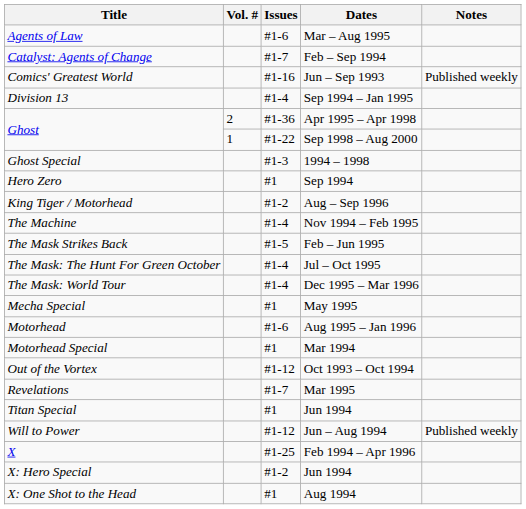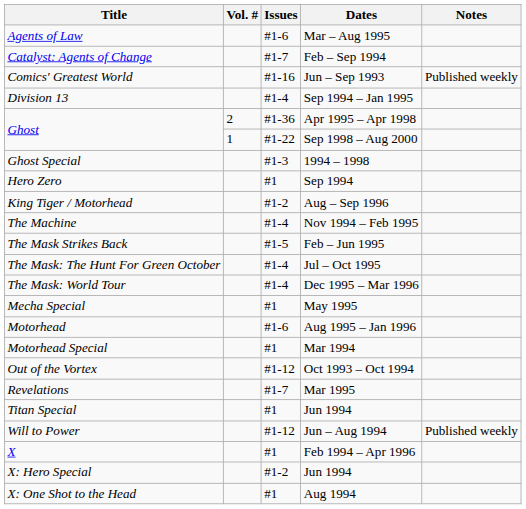 <table class="wikitable">
 <tr>
 <th>Title</th>
 <th>Vol. #</th>
 <th>Issues</th>
 <th>Dates</th>
 <th>Notes</th>
 </tr>
 <tr>
 <td><em><a href='#'>Agents of Law</a></em></td>
 <td></td>
 <td>#1-6</td>
 <td>Mar – Aug 1995</td>
 <td></td>
 </tr>
 <tr>
 <td><em><a href='#'>Catalyst: Agents of Change</a></em></td>
 <td></td>
 <td>#1-7</td>
 <td>Feb – Sep 1994</td>
 <td></td>
 </tr>
 <tr>
 <td><em>Comics' Greatest World</em></td>
 <td></td>
 <td>#1-16</td>
 <td>Jun – Sep 1993</td>
 <td>Published weekly</td>
 </tr>
 <tr>
 <td><em>Division 13</em></td>
 <td></td>
 <td>#1-4</td>
 <td>Sep 1994 – Jan 1995</td>
 <td></td>
 </tr>
 <tr>
 <td rowspan="2"><em><a href='#'>Ghost</a></em></td>
 <td>2</td>
 <td>#1-36</td>
 <td>Apr 1995 – Apr 1998</td>
 <td></td>
 </tr>
 <tr>
 <td>1</td>
 <td>#1-22</td>
 <td>Sep 1998 – Aug 2000</td>
 <td></td>
 </tr>
 <tr>
 <td><em>Ghost Special</em></td>
 <td></td>
 <td>#1-3</td>
 <td>1994 – 1998</td>
 <td></td>
 </tr>
 <tr>
 <td><em>Hero Zero</em></td>
 <td></td>
 <td>#1</td>
 <td>Sep 1994</td>
 <td></td>
 </tr>
 <tr>
 <td><em>King Tiger / Motorhead</em></td>
 <td></td>
 <td>#1-2</td>
 <td>Aug – Sep 1996</td>
 <td></td>
 </tr>
 <tr>
 <td><em>The Machine</em></td>
 <td></td>
 <td>#1-4</td>
 <td>Nov 1994 – Feb 1995</td>
 <td></td>
 </tr>
 <tr>
 <td><em>The Mask Strikes Back</em></td>
 <td></td>
 <td>#1-5</td>
 <td>Feb – Jun 1995</td>
 <td></td>
 </tr>
 <tr>
 <td><em>The Mask: The Hunt For Green October</em></td>
 <td></td>
 <td>#1-4</td>
 <td>Jul – Oct 1995</td>
 <td></td>
 </tr>
 <tr>
 <td><em>The Mask: World Tour</em></td>
 <td></td>
 <td>#1-4</td>
 <td>Dec 1995 – Mar 1996</td>
 <td></td>
 </tr>
 <tr>
 <td><em>Mecha Special</em></td>
 <td></td>
 <td>#1</td>
 <td>May 1995</td>
 <td></td>
 </tr>
 <tr>
 <td><em>Motorhead</em></td>
 <td></td>
 <td>#1-6</td>
 <td>Aug 1995 – Jan 1996</td>
 <td></td>
 </tr>
 <tr>
 <td><em>Motorhead Special</em></td>
 <td></td>
 <td>#1</td>
 <td>Mar 1994</td>
 <td></td>
 </tr>
 <tr>
 <td><em>Out of the Vortex</em></td>
 <td></td>
 <td>#1-12</td>
 <td>Oct 1993 – Oct 1994</td>
 <td></td>
 </tr>
 <tr>
 <td><em>Revelations</em></td>
 <td></td>
 <td>#1-7</td>
 <td>Mar 1995</td>
 <td></td>
 </tr>
 <tr>
 <td><em>Titan Special</em></td>
 <td></td>
 <td>#1</td>
 <td>Jun 1994</td>
 <td></td>
 </tr>
 <tr>
 <td><em>Will to Power</em></td>
 <td></td>
 <td>#1-12</td>
 <td>Jun – Aug 1994</td>
 <td>Published weekly</td>
 </tr>
 <tr>
 <td><em><a href='#'>X</a></em></td>
 <td></td>
-<td>#1-25</td>
+<td>#1</td>
 <td>Feb 1994 – Apr 1996</td>
 <td></td>
 </tr>
 <tr>
 <td><em>X: Hero Special</em></td>
 <td></td>
 <td>#1-2</td>
 <td>Jun 1994</td>
 <td></td>
 </tr>
 <tr>
 <td><em>X: One Shot to the Head</em></td>
 <td></td>
 <td>#1</td>
 <td>Aug 1994</td>
 <td></td>
 </tr>
 </table>
